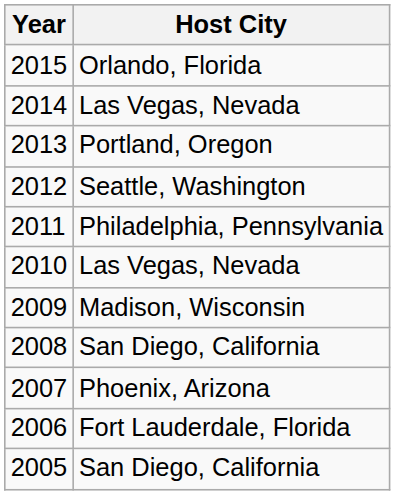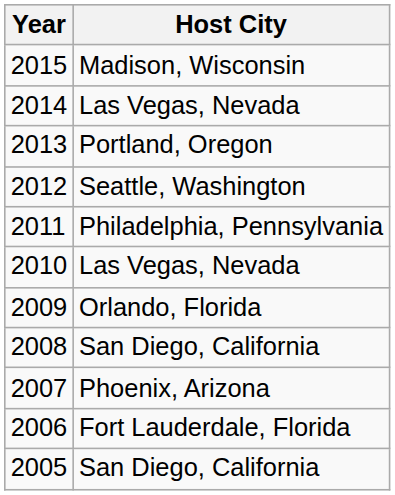 <table class="wikitable">
 <tr>
 <th>Year</th>
 <th>Host City</th>
 </tr>
 <tr>
 <td>2015</td>
-<td>Orlando, Florida</td>
+<td>Madison, Wisconsin</td>
 </tr>
 <tr>
 <td>2014</td>
 <td>Las Vegas, Nevada</td>
 </tr>
 <tr>
 <td>2013</td>
 <td>Portland, Oregon</td>
 </tr>
 <tr>
 <td>2012</td>
 <td>Seattle, Washington</td>
 </tr>
 <tr>
 <td>2011</td>
 <td>Philadelphia, Pennsylvania</td>
 </tr>
 <tr>
 <td>2010</td>
 <td>Las Vegas, Nevada</td>
 </tr>
 <tr>
 <td>2009</td>
-<td>Madison, Wisconsin</td>
+<td>Orlando, Florida</td>
 </tr>
 <tr>
 <td>2008</td>
 <td>San Diego, California</td>
 </tr>
 <tr>
 <td>2007</td>
 <td>Phoenix, Arizona</td>
 </tr>
 <tr>
 <td>2006</td>
 <td>Fort Lauderdale, Florida</td>
 </tr>
 <tr>
 <td>2005</td>
 <td>San Diego, California</td>
 </tr>
 </table>
